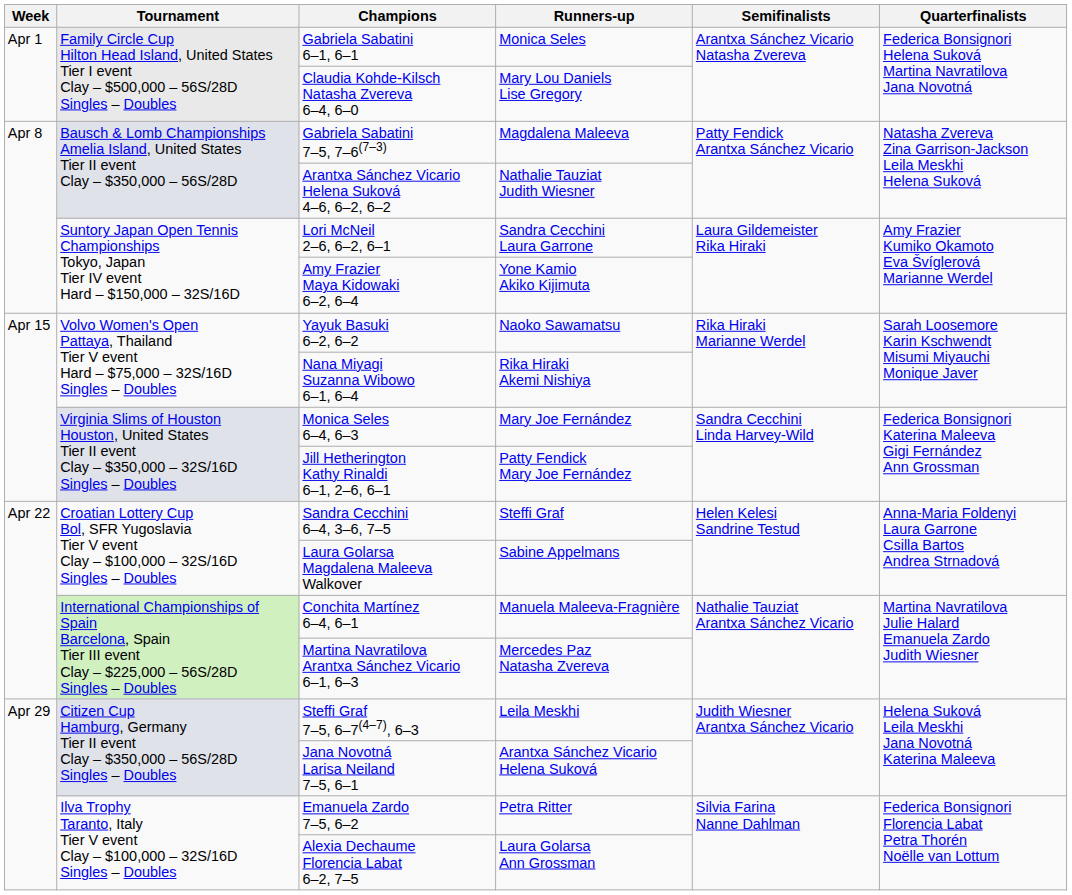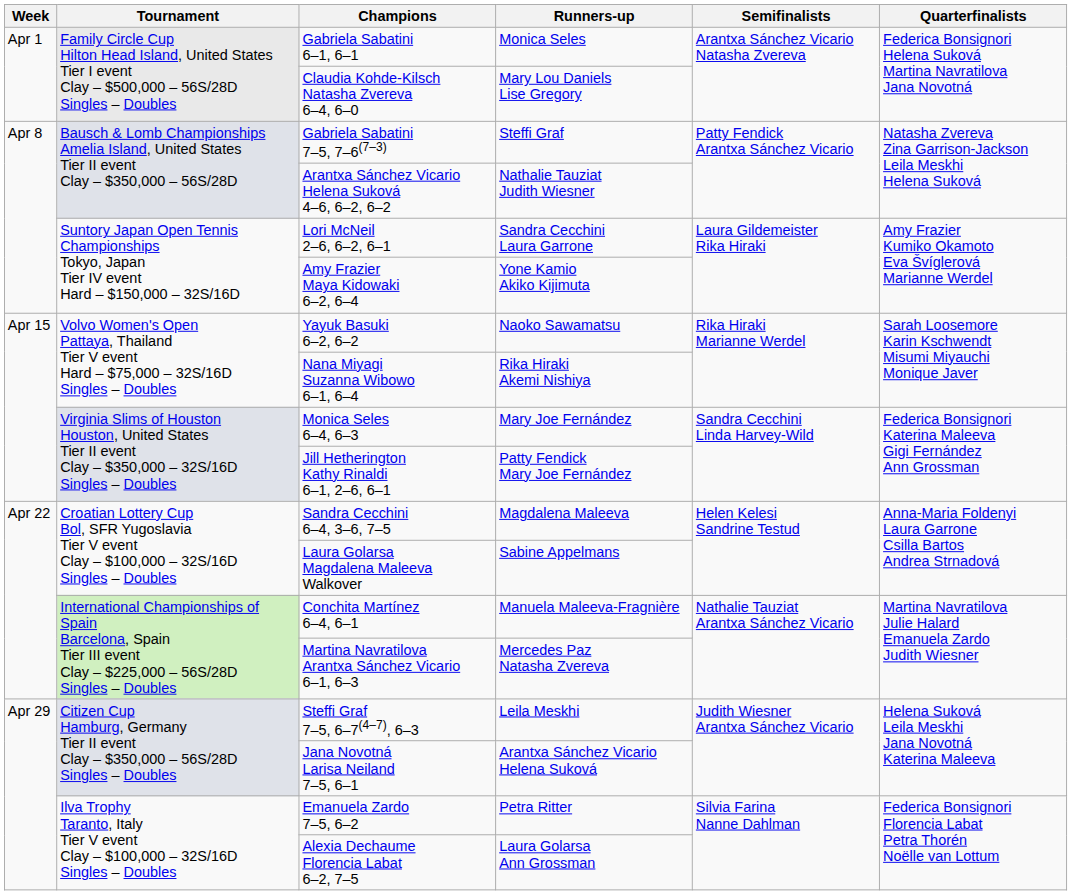 <table class=wikitable style=font-size:95%>
 <tr>
 <th style="width:48px;">Week</th>
 <th style="width:248px;">Tournament</th>
 <th style="width:200px;">Champions</th>
 <th style="width:200px;">Runners-up</th>
 <th style="width:190px;">Semifinalists</th>
 <th style="width:190px;">Quarterfinalists</th>
 </tr>
 <tr valign=top>
 <td rowspan=2>Apr 1</td>
 <td rowspan=2 style="background:#E9E9E9;"><a href='#'>Family Circle Cup</a><br> <a href='#'>Hilton Head Island</a>, United States<br>Tier I event <br> Clay – $500,000 – 56S/28D<br><a href='#'>Singles</a>  – <a href='#'>Doubles</a></td>
 <td> <a href='#'>Gabriela Sabatini</a><br>6–1, 6–1</td>
 <td> <a href='#'>Monica Seles</a></td>
 <td rowspan=2> <a href='#'>Arantxa Sánchez Vicario</a> <br>  <a href='#'>Natasha Zvereva</a></td>
 <td rowspan=2> <a href='#'>Federica Bonsignori</a> <br>  <a href='#'>Helena Suková</a> <br>  <a href='#'>Martina Navratilova</a> <br>  <a href='#'>Jana Novotná</a></td>
 </tr>
 <tr valign=top>
 <td> <a href='#'>Claudia Kohde-Kilsch</a><br> <a href='#'>Natasha Zvereva</a><br>6–4, 6–0</td>
 <td> <a href='#'>Mary Lou Daniels</a><br> <a href='#'>Lise Gregory</a></td>
 </tr>
 <tr valign=top>
 <td rowspan=4>Apr 8</td>
 <td rowspan="2" bgcolor=#dfe2e9><a href='#'>Bausch & Lomb Championships</a><br> <a href='#'>Amelia Island</a>, United States<br>Tier II event <br> Clay – $350,000 – 56S/28D</td>
 <td> <a href='#'>Gabriela Sabatini</a><br>7–5, 7–6<sup>(7–3)</sup></td>
-<td> <a href='#'>Magdalena Maleeva</a></td>
+<td> <a href='#'>Steffi Graf</a></td>
 <td rowspan=2> <a href='#'>Patty Fendick</a> <br>  <a href='#'>Arantxa Sánchez Vicario</a></td>
 <td rowspan=2> <a href='#'>Natasha Zvereva</a> <br>  <a href='#'>Zina Garrison-Jackson</a> <br>  <a href='#'>Leila Meskhi</a> <br>  <a href='#'>Helena Suková</a></td>
 </tr>
 <tr valign=top>
 <td> <a href='#'>Arantxa Sánchez Vicario</a><br> <a href='#'>Helena Suková</a><br>4–6, 6–2, 6–2</td>
 <td> <a href='#'>Nathalie Tauziat</a><br> <a href='#'>Judith Wiesner</a></td>
 </tr>
 <tr valign=top>
 <td rowspan="2"><a href='#'>Suntory Japan Open Tennis Championships</a><br> Tokyo, Japan<br>Tier IV event <br> Hard – $150,000 – 32S/16D</td>
 <td> <a href='#'>Lori McNeil</a><br>2–6, 6–2, 6–1</td>
 <td> <a href='#'>Sandra Cecchini</a><br> <a href='#'>Laura Garrone</a></td>
 <td rowspan=2> <a href='#'>Laura Gildemeister</a> <br>  <a href='#'>Rika Hiraki</a></td>
 <td rowspan=2> <a href='#'>Amy Frazier</a> <br>  <a href='#'>Kumiko Okamoto</a> <br>  <a href='#'>Eva Švíglerová</a> <br>  <a href='#'>Marianne Werdel</a></td>
 </tr>
 <tr valign=top>
 <td> <a href='#'>Amy Frazier</a><br> <a href='#'>Maya Kidowaki</a><br>6–2, 6–4</td>
 <td> <a href='#'>Yone Kamio</a><br> <a href='#'>Akiko Kijimuta</a></td>
 </tr>
 <tr valign=top>
 <td rowspan=4>Apr 15</td>
 <td rowspan="2"><a href='#'>Volvo Women's Open</a><br> <a href='#'>Pattaya</a>, Thailand<br>Tier V event <br> Hard – $75,000 – 32S/16D<br><a href='#'>Singles</a> – <a href='#'>Doubles</a></td>
 <td> <a href='#'>Yayuk Basuki</a><br>6–2, 6–2</td>
 <td> <a href='#'>Naoko Sawamatsu</a></td>
 <td rowspan=2> <a href='#'>Rika Hiraki</a> <br>  <a href='#'>Marianne Werdel</a></td>
 <td rowspan=2> <a href='#'>Sarah Loosemore</a> <br>  <a href='#'>Karin Kschwendt</a> <br>  <a href='#'>Misumi Miyauchi</a> <br>  <a href='#'>Monique Javer</a></td>
 </tr>
 <tr valign=top>
 <td> <a href='#'>Nana Miyagi</a><br> <a href='#'>Suzanna Wibowo</a><br>6–1, 6–4</td>
 <td> <a href='#'>Rika Hiraki</a><br> <a href='#'>Akemi Nishiya</a></td>
 </tr>
 <tr valign=top>
 <td rowspan="2" bgcolor=#dfe2e9><a href='#'>Virginia Slims of Houston</a><br> <a href='#'>Houston</a>, United States<br>Tier II event <br> Clay – $350,000 – 32S/16D<br><a href='#'>Singles</a> – <a href='#'>Doubles</a></td>
 <td> <a href='#'>Monica Seles</a><br>6–4, 6–3</td>
 <td> <a href='#'>Mary Joe Fernández</a></td>
 <td rowspan=2> <a href='#'>Sandra Cecchini</a> <br>  <a href='#'>Linda Harvey-Wild</a></td>
 <td rowspan=2> <a href='#'>Federica Bonsignori</a> <br>  <a href='#'>Katerina Maleeva</a> <br>  <a href='#'>Gigi Fernández</a> <br>  <a href='#'>Ann Grossman</a></td>
 </tr>
 <tr valign=top>
 <td> <a href='#'>Jill Hetherington</a><br> <a href='#'>Kathy Rinaldi</a><br>6–1, 2–6, 6–1</td>
 <td> <a href='#'>Patty Fendick</a><br> <a href='#'>Mary Joe Fernández</a></td>
 </tr>
 <tr valign=top>
 <td rowspan=4>Apr 22</td>
 <td rowspan="2"><a href='#'>Croatian Lottery Cup</a><br> <a href='#'>Bol</a>, SFR Yugoslavia<br>Tier V event <br> Clay – $100,000 – 32S/16D<br><a href='#'>Singles</a> – <a href='#'>Doubles</a></td>
 <td> <a href='#'>Sandra Cecchini</a><br>6–4, 3–6, 7–5</td>
-<td> <a href='#'>Steffi Graf</a></td>
+<td> <a href='#'>Magdalena Maleeva</a></td>
 <td rowspan=2> <a href='#'>Helen Kelesi</a> <br>  <a href='#'>Sandrine Testud</a></td>
 <td rowspan=2> <a href='#'>Anna-Maria Foldenyi</a> <br>  <a href='#'>Laura Garrone</a> <br>  <a href='#'>Csilla Bartos</a> <br>  <a href='#'>Andrea Strnadová</a></td>
 </tr>
 <tr valign=top>
 <td> <a href='#'>Laura Golarsa</a><br> <a href='#'>Magdalena Maleeva</a><br> Walkover</td>
 <td> <a href='#'>Sabine Appelmans</a></td>
 </tr>
 <tr valign=top>
 <td rowspan="2" bgcolor=#d0f0c0><a href='#'>International Championships of Spain</a><br> <a href='#'>Barcelona</a>, Spain<br>Tier III event <br> Clay – $225,000 – 56S/28D<br> <a href='#'>Singles</a> – <a href='#'>Doubles</a></td>
 <td> <a href='#'>Conchita Martínez</a><br>6–4, 6–1</td>
 <td> <a href='#'>Manuela Maleeva-Fragnière</a></td>
 <td rowspan=2> <a href='#'>Nathalie Tauziat</a> <br>  <a href='#'>Arantxa Sánchez Vicario</a></td>
 <td rowspan=2> <a href='#'>Martina Navratilova</a> <br>  <a href='#'>Julie Halard</a> <br>  <a href='#'>Emanuela Zardo</a> <br>  <a href='#'>Judith Wiesner</a></td>
 </tr>
 <tr valign=top>
 <td> <a href='#'>Martina Navratilova</a><br> <a href='#'>Arantxa Sánchez Vicario</a><br>6–1, 6–3</td>
 <td> <a href='#'>Mercedes Paz</a><br> <a href='#'>Natasha Zvereva</a></td>
 </tr>
 <tr valign=top>
 <td rowspan=4>Apr 29</td>
 <td rowspan="2" bgcolor=#dfe2e9><a href='#'>Citizen Cup</a><br> <a href='#'>Hamburg</a>, Germany<br>Tier II event <br> Clay – $350,000 – 56S/28D<br><a href='#'>Singles</a> – <a href='#'>Doubles</a></td>
 <td> <a href='#'>Steffi Graf</a><br>7–5, 6–7<sup>(4–7)</sup>, 6–3</td>
 <td> <a href='#'>Leila Meskhi</a></td>
 <td rowspan=2> <a href='#'>Judith Wiesner</a> <br>  <a href='#'>Arantxa Sánchez Vicario</a></td>
 <td rowspan=2> <a href='#'>Helena Suková</a> <br>  <a href='#'>Leila Meskhi</a> <br>  <a href='#'>Jana Novotná</a> <br>  <a href='#'>Katerina Maleeva</a></td>
 </tr>
 <tr valign=top>
 <td> <a href='#'>Jana Novotná</a><br> <a href='#'>Larisa Neiland</a><br>7–5, 6–1</td>
 <td> <a href='#'>Arantxa Sánchez Vicario</a><br> <a href='#'>Helena Suková</a></td>
 </tr>
 <tr valign=top>
 <td rowspan="2"><a href='#'>Ilva Trophy</a><br> <a href='#'>Taranto</a>, Italy<br>Tier V event <br> Clay – $100,000 – 32S/16D<br><a href='#'>Singles</a> – <a href='#'>Doubles</a></td>
 <td> <a href='#'>Emanuela Zardo</a><br>7–5, 6–2</td>
 <td> <a href='#'>Petra Ritter</a></td>
 <td rowspan=2> <a href='#'>Silvia Farina</a> <br>  <a href='#'>Nanne Dahlman</a></td>
 <td rowspan=2> <a href='#'>Federica Bonsignori</a> <br>  <a href='#'>Florencia Labat</a> <br>  <a href='#'>Petra Thorén</a> <br>  <a href='#'>Noëlle van Lottum</a></td>
 </tr>
 <tr valign=top>
 <td> <a href='#'>Alexia Dechaume</a><br> <a href='#'>Florencia Labat</a><br>6–2, 7–5</td>
 <td> <a href='#'>Laura Golarsa</a><br> <a href='#'>Ann Grossman</a></td>
 </tr>
 </table>
